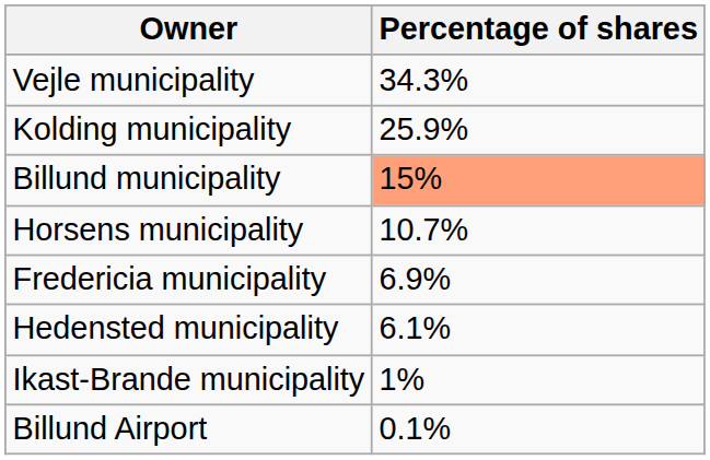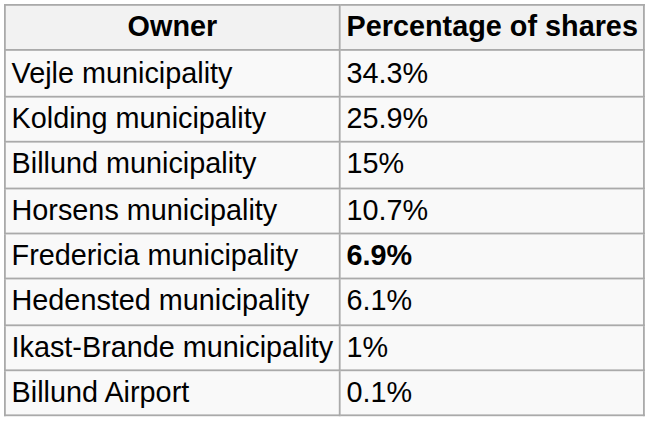 <table class="wikitable sortable">
 <tr>
 <th>Owner</th>
 <th>Percentage of shares</th>
 </tr>
 <tr>
 <td>Vejle municipality</td>
 <td>34.3%</td>
 </tr>
 <tr>
 <td>Kolding municipality</td>
 <td>25.9%</td>
 </tr>
 <tr>
 <td>Billund municipality</td>
-<td style="background: lightsalmon;">15%</td>
+<td>15%</td>
 </tr>
 <tr>
 <td>Horsens municipality</td>
 <td>10.7%</td>
 </tr>
 <tr>
 <td>Fredericia municipality</td>
-<td>6.9%</td>
+<td><strong>6.9%</strong></td>
 </tr>
 <tr>
 <td>Hedensted municipality</td>
 <td>6.1%</td>
 </tr>
 <tr>
 <td>Ikast-Brande municipality</td>
 <td>1%</td>
 </tr>
 <tr>
 <td>Billund Airport</td>
 <td>0.1%</td>
 </tr>
 </table>
